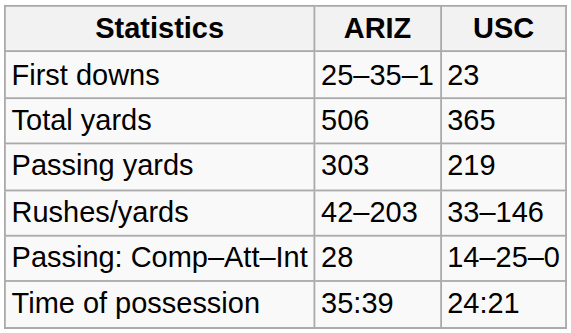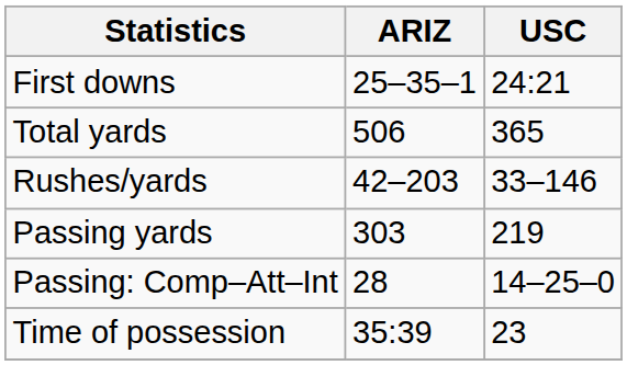 <table class="wikitable" style="float: left;">
 <tr>
 <th>Statistics</th>
 <th>ARIZ</th>
 <th>USC</th>
 </tr>
 <tr>
 <td>First downs</td>
 <td>25–35–1</td>
-<td>23</td>
+<td>24:21</td>
 </tr>
 <tr>
 <td>Total yards</td>
 <td>506</td>
 <td>365</td>
 </tr>
 <tr>
+<td>Rushes/yards</td>
+<td>42–203</td>
+<td>33–146</td>
+</tr>
+<tr>
 <td>Passing yards</td>
 <td>303</td>
 <td>219</td>
-</tr>
-<tr>
-<td>Rushes/yards</td>
-<td>42–203</td>
-<td>33–146</td>
 </tr>
 <tr>
 <td>Passing: Comp–Att–Int</td>
 <td>28</td>
 <td>14–25–0</td>
 </tr>
 <tr>
 <td>Time of possession</td>
 <td>35:39</td>
-<td>24:21</td>
+<td>23</td>
 </tr>
 <tr>
 </tr>
 </table>
